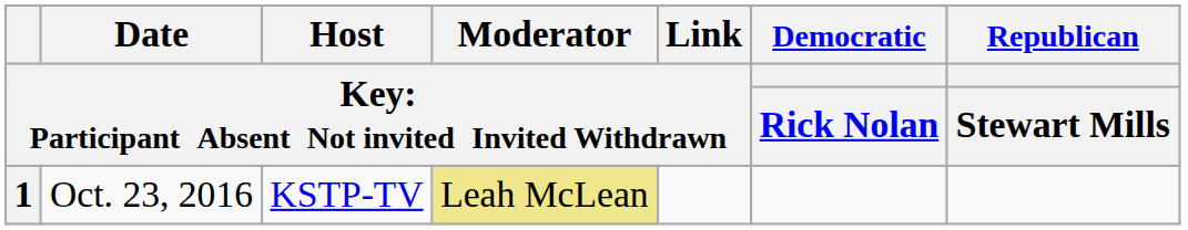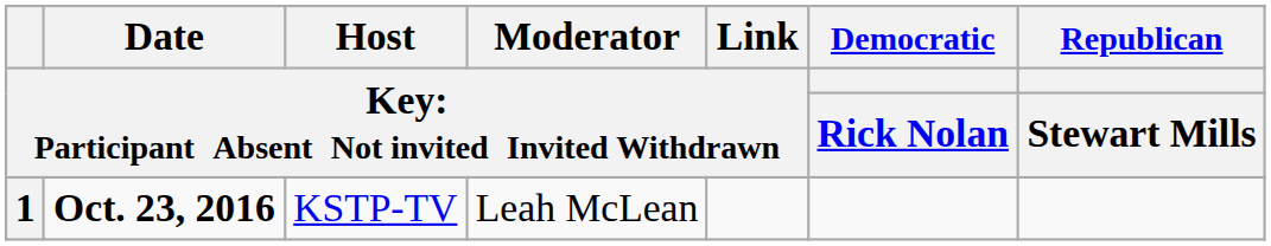 <table class="wikitable" style="text-align:center;">
 <tr>
 <th scope="col"></th>
 <th scope="col">Date</th>
 <th scope="col">Host</th>
 <th scope="col">Moderator</th>
 <th scope="col">Link</th>
 <th scope="col"><small><a href='#'>Democratic</a></small></th>
 <th scope="col"><small><a href='#'>Republican</a></small></th>
 </tr>
 <tr>
 <th colspan="5" rowspan="2">Key:<br> <small>Participant </small>  <small>Absent </small>  <small>Not invited </small>  <small>Invited  Withdrawn</small></th>
 <th scope="col" style="background:"></th>
 <th scope="col" style="background:"></th>
 </tr>
 <tr>
 <th scope="col"><a href='#'>Rick Nolan</a></th>
 <th scope="col">Stewart Mills</th>
 </tr>
 <tr>
 <th>1</th>
-<td style="white-space:nowrap;">Oct. 23, 2016</td>
+<td style="white-space:nowrap;"><strong>Oct. 23, 2016</strong></td>
 <td style="white-space:nowrap;"><a href='#'>KSTP-TV</a></td>
-<td style="background: khaki; white-space:nowrap;">Leah McLean</td>
+<td style="white-space:nowrap;">Leah McLean</td>
 <td style="white-space:nowrap;"></td>
 <td></td>
 <td></td>
 </tr>
 </table>
